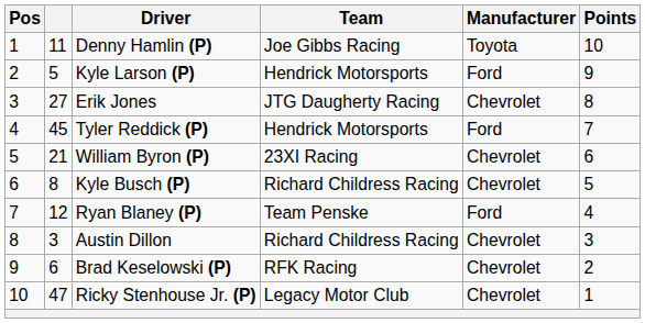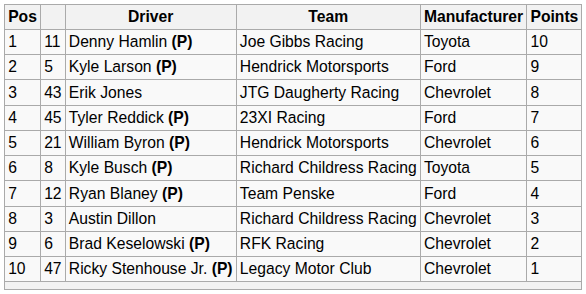 <table class="wikitable" style="font-size:98%">
 <tr>
 <th>Pos</th>
 <th></th>
 <th>Driver</th>
 <th>Team</th>
 <th>Manufacturer</th>
 <th>Points</th>
 </tr>
 <tr>
 <td>1</td>
 <td>11</td>
 <td>Denny Hamlin <strong>(P)</strong></td>
 <td>Joe Gibbs Racing</td>
 <td>Toyota</td>
 <td>10</td>
 </tr>
 <tr>
 <td>2</td>
 <td>5</td>
 <td>Kyle Larson <strong>(P)</strong></td>
 <td>Hendrick Motorsports</td>
 <td>Ford</td>
 <td>9</td>
 </tr>
 <tr>
 <td>3</td>
-<td>27</td>
+<td>43</td>
 <td>Erik Jones</td>
 <td>JTG Daugherty Racing</td>
 <td>Chevrolet</td>
 <td>8</td>
 </tr>
 <tr>
 <td>4</td>
 <td>45</td>
 <td>Tyler Reddick <strong>(P)</strong></td>
-<td>Hendrick Motorsports</td>
+<td>23XI Racing</td>
 <td>Ford</td>
 <td>7</td>
 </tr>
 <tr>
 <td>5</td>
 <td>21</td>
 <td>William Byron <strong>(P)</strong></td>
-<td>23XI Racing</td>
+<td>Hendrick Motorsports</td>
 <td>Chevrolet</td>
 <td>6</td>
 </tr>
 <tr>
 <td>6</td>
 <td>8</td>
 <td>Kyle Busch <strong>(P)</strong></td>
 <td>Richard Childress Racing</td>
-<td>Chevrolet</td>
+<td>Toyota</td>
 <td>5</td>
 </tr>
 <tr>
 <td>7</td>
 <td>12</td>
 <td>Ryan Blaney <strong>(P)</strong></td>
 <td>Team Penske</td>
 <td>Ford</td>
 <td>4</td>
 </tr>
 <tr>
 <td>8</td>
 <td>3</td>
 <td>Austin Dillon</td>
 <td>Richard Childress Racing</td>
 <td>Chevrolet</td>
 <td>3</td>
 </tr>
 <tr>
 <td>9</td>
 <td>6</td>
 <td>Brad Keselowski <strong>(P)</strong></td>
 <td>RFK Racing</td>
 <td>Chevrolet</td>
 <td>2</td>
 </tr>
 <tr>
 <td>10</td>
 <td>47</td>
 <td>Ricky Stenhouse Jr. <strong>(P)</strong></td>
 <td>Legacy Motor Club</td>
 <td>Chevrolet</td>
 <td>1</td>
 </tr>
 <tr>
 <th colspan="6"></th>
 </tr>
 </table>
